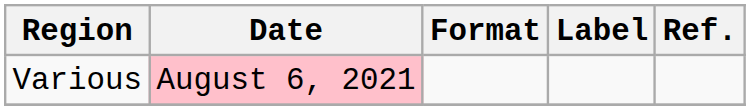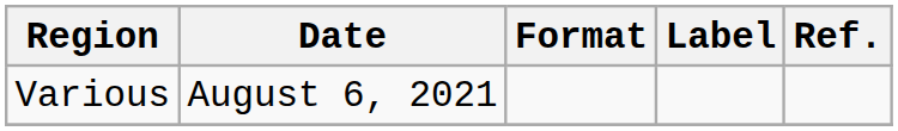 <table class="wikitable plainrowheaders">
 <tr>
 <th scope="col">Region</th>
 <th scope="col">Date</th>
 <th scope="col">Format</th>
 <th scope="col">Label</th>
 <th scope="col">Ref.</th>
 </tr>
 <tr>
 <td>Various</td>
-<td style="background: pink;">August 6, 2021</td>
+<td>August 6, 2021</td>
 <td></td>
 <td></td>
 <td></td>
 </tr>
 <tr>
 </tr>
 </table>
